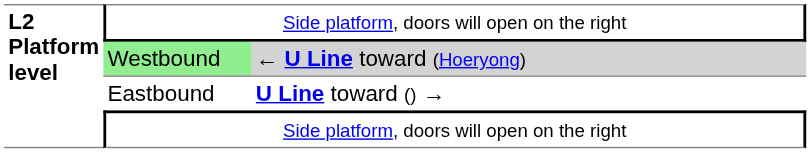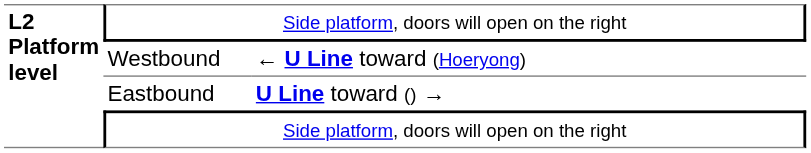 <table table border=0 cellspacing=0 cellpadding=3>
 <tr>
 <td style="border-top:solid 1px gray;border-bottom:solid 1px gray;" width=50 rowspan=10 valign=top><strong>L2<br>Platform level</strong></td>
 <td style="border-top:solid 1px gray;border-right:solid 2px black;border-left:solid 2px black;border-bottom:solid 2px black;text-align:center;" colspan=2><small><a href='#'>Side platform</a>, doors will open on the right</small></td>
 </tr>
 <tr>
-<td style="background: lightgreen;">Westbound</td>
-<td style="background: lightgrey;">← <a href='#'><span><strong>U Line</strong></span></a> toward  <small>(<a href='#'>Hoeryong</a>)</small></td>
+<td>Westbound</td>
+<td>← <a href='#'><span><strong>U Line</strong></span></a> toward  <small>(<a href='#'>Hoeryong</a>)</small></td>
 </tr>
 <tr>
 <td style="border-bottom:solid 0px gray;border-top:solid 1px gray;" width=100>Eastbound</td>
 <td style="border-bottom:solid 0px gray;border-top:solid 1px gray;" width=390> <a href='#'><span><strong>U Line</strong></span></a> toward  <small>()</small> →</td>
 </tr>
 <tr>
 <td style="border-top:solid 2px black;border-right:solid 2px black;border-left:solid 2px black;border-bottom:solid 1px gray;text-align:center;" colspan=2><small><a href='#'>Side platform</a>, doors will open on the right</small></td>
 </tr>
 </table>
